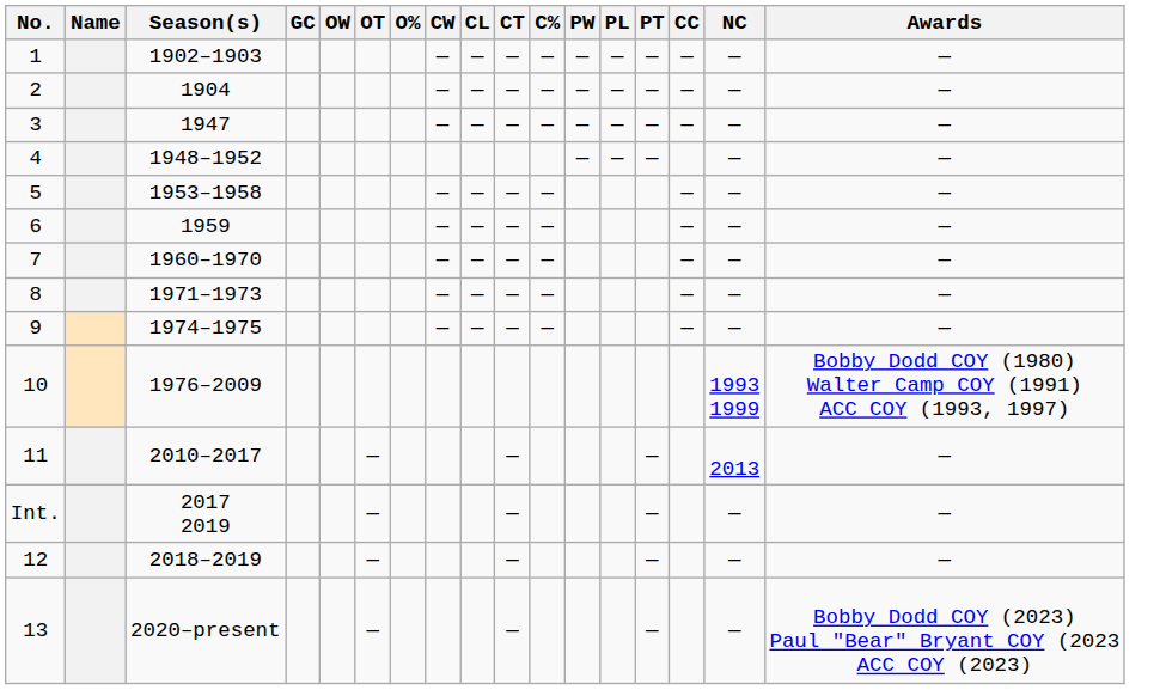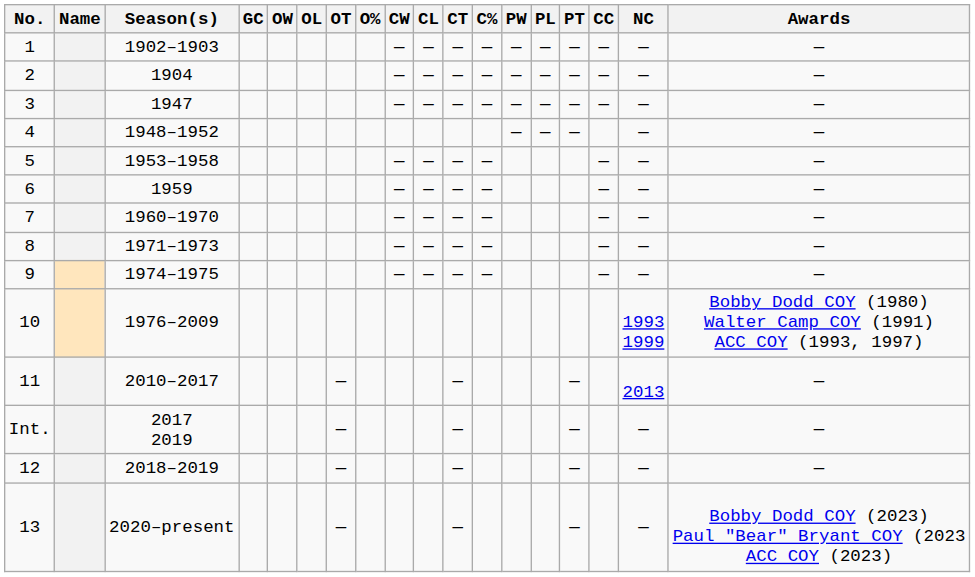 <table class="wikitable sortable" style="text-align:center">
 <tr>
 <th scope="col" class="unsortable">No.</th>
 <th scope="col">Name</th>
 <th scope="col">Season(s)</th>
 <th scope="col">GC</th>
 <th scope="col">OW</th>
+<th scope="col">OL</th>
 <th scope="col">OT</th>
 <th scope="col">O%</th>
 <th scope="col">CW</th>
 <th scope="col">CL</th>
 <th scope="col">CT</th>
 <th scope="col">C%</th>
 <th scope="col">PW</th>
 <th scope="col">PL</th>
 <th scope="col">PT</th>
 <th scope="col">CC</th>
 <th scope="col">NC</th>
 <th scope="col" class="unsortable">Awards</th>
 </tr>
 <tr>
 <td>1</td>
 <th scope="row"></th>
 <td>1902–1903</td>
+<td></td>
 <td></td>
 <td></td>
 <td></td>
 <td></td>
 <td>—</td>
 <td>—</td>
 <td>—</td>
 <td>—</td>
 <td>—</td>
 <td>—</td>
 <td>—</td>
 <td>—</td>
 <td>—</td>
 <td>—</td>
 </tr>
 <tr>
 <td>2</td>
 <th scope="row"></th>
 <td>1904</td>
 <td></td>
 <td></td>
 <td></td>
 <td></td>
+<td></td>
 <td>—</td>
 <td>—</td>
 <td>—</td>
 <td>—</td>
 <td>—</td>
 <td>—</td>
 <td>—</td>
 <td>—</td>
 <td>—</td>
 <td>—</td>
 </tr>
 <tr>
 <td>3</td>
 <th scope="row"></th>
 <td>1947</td>
+<td></td>
 <td></td>
 <td></td>
 <td></td>
 <td></td>
 <td>—</td>
 <td>—</td>
 <td>—</td>
 <td>—</td>
 <td>—</td>
 <td>—</td>
 <td>—</td>
 <td>—</td>
 <td>—</td>
 <td>—</td>
 </tr>
 <tr>
 <td>4</td>
 <th scope="row"></th>
 <td>1948–1952</td>
 <td></td>
 <td></td>
 <td></td>
 <td></td>
 <td></td>
 <td></td>
 <td></td>
 <td></td>
+<td></td>
 <td>—</td>
 <td>—</td>
 <td>—</td>
 <td></td>
 <td>—</td>
 <td>—</td>
 </tr>
 <tr>
 <td>5</td>
 <th scope="row"></th>
 <td>1953–1958</td>
+<td></td>
 <td></td>
 <td></td>
 <td></td>
 <td></td>
 <td>—</td>
 <td>—</td>
 <td>—</td>
 <td>—</td>
 <td></td>
 <td></td>
 <td></td>
 <td>—</td>
 <td>—</td>
 <td>—</td>
 </tr>
 <tr>
 <td>6</td>
 <th scope="row"></th>
 <td>1959</td>
 <td></td>
 <td></td>
 <td></td>
 <td></td>
+<td></td>
 <td>—</td>
 <td>—</td>
 <td>—</td>
 <td>—</td>
 <td></td>
 <td></td>
 <td></td>
 <td>—</td>
 <td>—</td>
 <td>—</td>
 </tr>
 <tr>
 <td>7</td>
 <th scope="row"></th>
 <td>1960–1970</td>
+<td></td>
 <td></td>
 <td></td>
 <td></td>
 <td></td>
 <td>—</td>
 <td>—</td>
 <td>—</td>
 <td>—</td>
 <td></td>
 <td></td>
 <td></td>
 <td>—</td>
 <td>—</td>
 <td>—</td>
 </tr>
 <tr>
 <td>8</td>
 <th scope="row"></th>
 <td>1971–1973</td>
 <td></td>
 <td></td>
 <td></td>
 <td></td>
+<td></td>
 <td>—</td>
 <td>—</td>
 <td>—</td>
 <td>—</td>
 <td></td>
 <td></td>
 <td></td>
 <td>—</td>
 <td>—</td>
 <td>—</td>
 </tr>
 <tr>
 <td>9</td>
 <td scope="row" align="center" bgcolor=#FFE6BD><strong></strong><sup></sup></td>
 <td>1974–1975</td>
+<td></td>
 <td></td>
 <td></td>
 <td></td>
 <td></td>
 <td>—</td>
 <td>—</td>
 <td>—</td>
 <td>—</td>
 <td></td>
 <td></td>
 <td></td>
 <td>—</td>
 <td>—</td>
 <td>—</td>
 </tr>
 <tr>
 <td>10</td>
 <td scope="row" align="center" bgcolor=#FFE6BD><strong></strong><sup></sup></td>
 <td>1976–2009</td>
 <td></td>
 <td></td>
 <td></td>
 <td></td>
 <td></td>
 <td></td>
 <td></td>
 <td></td>
 <td></td>
 <td></td>
 <td></td>
 <td></td>
+<td></td>
 <td><br><a href='#'>1993</a><br><a href='#'>1999</a></td>
 <td><a href='#'>Bobby Dodd COY</a> (1980)<br><a href='#'>Walter Camp COY</a> (1991)<br><a href='#'>ACC COY</a> (1993, 1997)</td>
 </tr>
 <tr>
 <td>11</td>
 <th scope="row"></th>
 <td>2010–2017</td>
+<td></td>
 <td></td>
 <td></td>
 <td>—</td>
 <td></td>
 <td></td>
 <td></td>
 <td>—</td>
 <td></td>
 <td></td>
 <td></td>
 <td>—</td>
 <td></td>
 <td><br><a href='#'>2013</a></td>
 <td>—</td>
 </tr>
 <tr>
 <td>Int.</td>
 <th scope="row"></th>
 <td>2017<br>2019</td>
 <td></td>
 <td></td>
+<td></td>
 <td>—</td>
 <td></td>
 <td></td>
 <td></td>
 <td>—</td>
 <td></td>
 <td></td>
 <td></td>
 <td>—</td>
 <td></td>
 <td>—</td>
 <td>—</td>
 </tr>
 <tr>
 <td>12</td>
 <th scope="row"></th>
 <td>2018–2019</td>
+<td></td>
 <td></td>
 <td></td>
 <td>—</td>
 <td></td>
 <td></td>
 <td></td>
 <td>—</td>
 <td></td>
 <td></td>
 <td></td>
 <td>—</td>
 <td></td>
 <td>—</td>
 <td>—</td>
 </tr>
 <tr>
 <td>13</td>
 <th scope="row"></th>
 <td>2020–present</td>
 <td></td>
 <td></td>
+<td></td>
 <td>—</td>
 <td></td>
 <td></td>
 <td></td>
 <td>—</td>
 <td></td>
 <td></td>
 <td></td>
 <td>—</td>
 <td></td>
 <td>—</td>
 <td><br><a href='#'>Bobby Dodd COY</a> (2023)<br> <a href='#'>Paul "Bear" Bryant COY</a> (2023<br><a href='#'>ACC COY</a> (2023)</td>
 </tr>
 </table>
